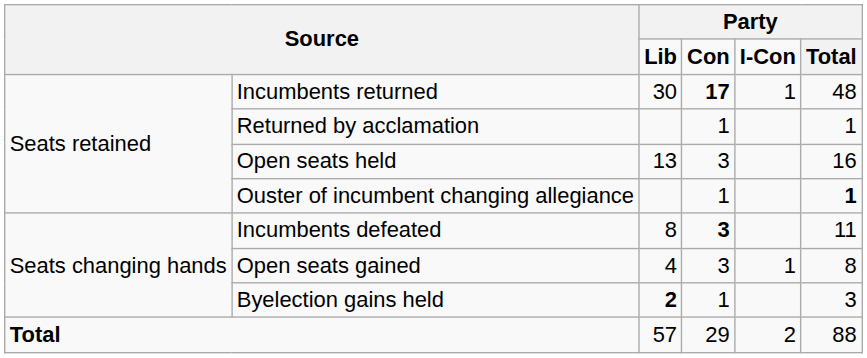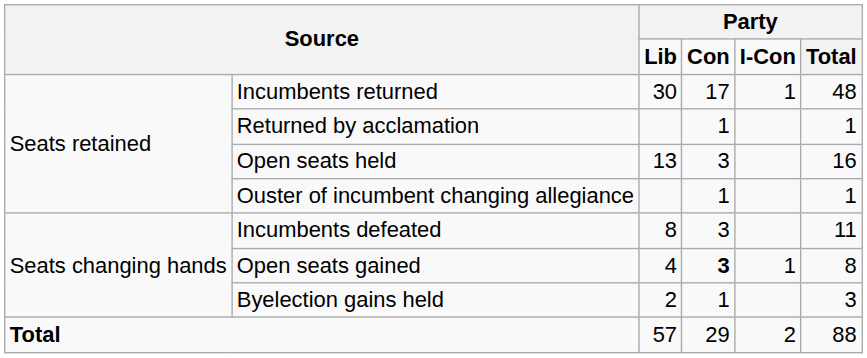 <table class="wikitable" style="text-align:right;">
 <tr>
 <th colspan="2" rowspan="2">Source</th>
 <th colspan="4">Party</th>
 </tr>
 <tr>
 <td><strong>Lib</strong></td>
 <td><strong>Con</strong></td>
 <td><strong>I-Con</strong></td>
 <th>Total</th>
 </tr>
 <tr>
 <td rowspan="4" style="text-align:left;">Seats retained</td>
 <td style="text-align:left;">Incumbents returned</td>
 <td>30</td>
-<td><strong>17</strong></td>
+<td>17</td>
 <td>1</td>
 <td>48</td>
 </tr>
 <tr>
 <td style="text-align:left;">Returned by acclamation</td>
 <td></td>
 <td>1</td>
 <td></td>
 <td>1</td>
 </tr>
 <tr>
 <td style="text-align:left;">Open seats held</td>
 <td>13</td>
 <td>3</td>
 <td></td>
 <td>16</td>
 </tr>
 <tr>
 <td style="text-align:left;">Ouster of incumbent changing allegiance</td>
 <td></td>
 <td>1</td>
 <td></td>
-<td><strong>1</strong></td>
+<td>1</td>
 </tr>
 <tr>
 <td rowspan="3" style="text-align:left;">Seats changing hands</td>
 <td style="text-align:left;">Incumbents defeated</td>
 <td>8</td>
-<td><strong>3</strong></td>
+<td>3</td>
 <td></td>
 <td>11</td>
 </tr>
 <tr>
 <td style="text-align:left;">Open seats gained</td>
 <td>4</td>
-<td>3</td>
+<td><strong>3</strong></td>
 <td>1</td>
 <td>8</td>
 </tr>
 <tr>
 <td style="text-align:left;">Byelection gains held</td>
-<td><strong>2</strong></td>
+<td>2</td>
 <td>1</td>
 <td></td>
 <td>3</td>
 </tr>
 <tr>
 <td colspan="2" style="text-align:left;"><strong>Total</strong></td>
 <td>57</td>
 <td>29</td>
 <td>2</td>
 <td>88</td>
 </tr>
 </table>
